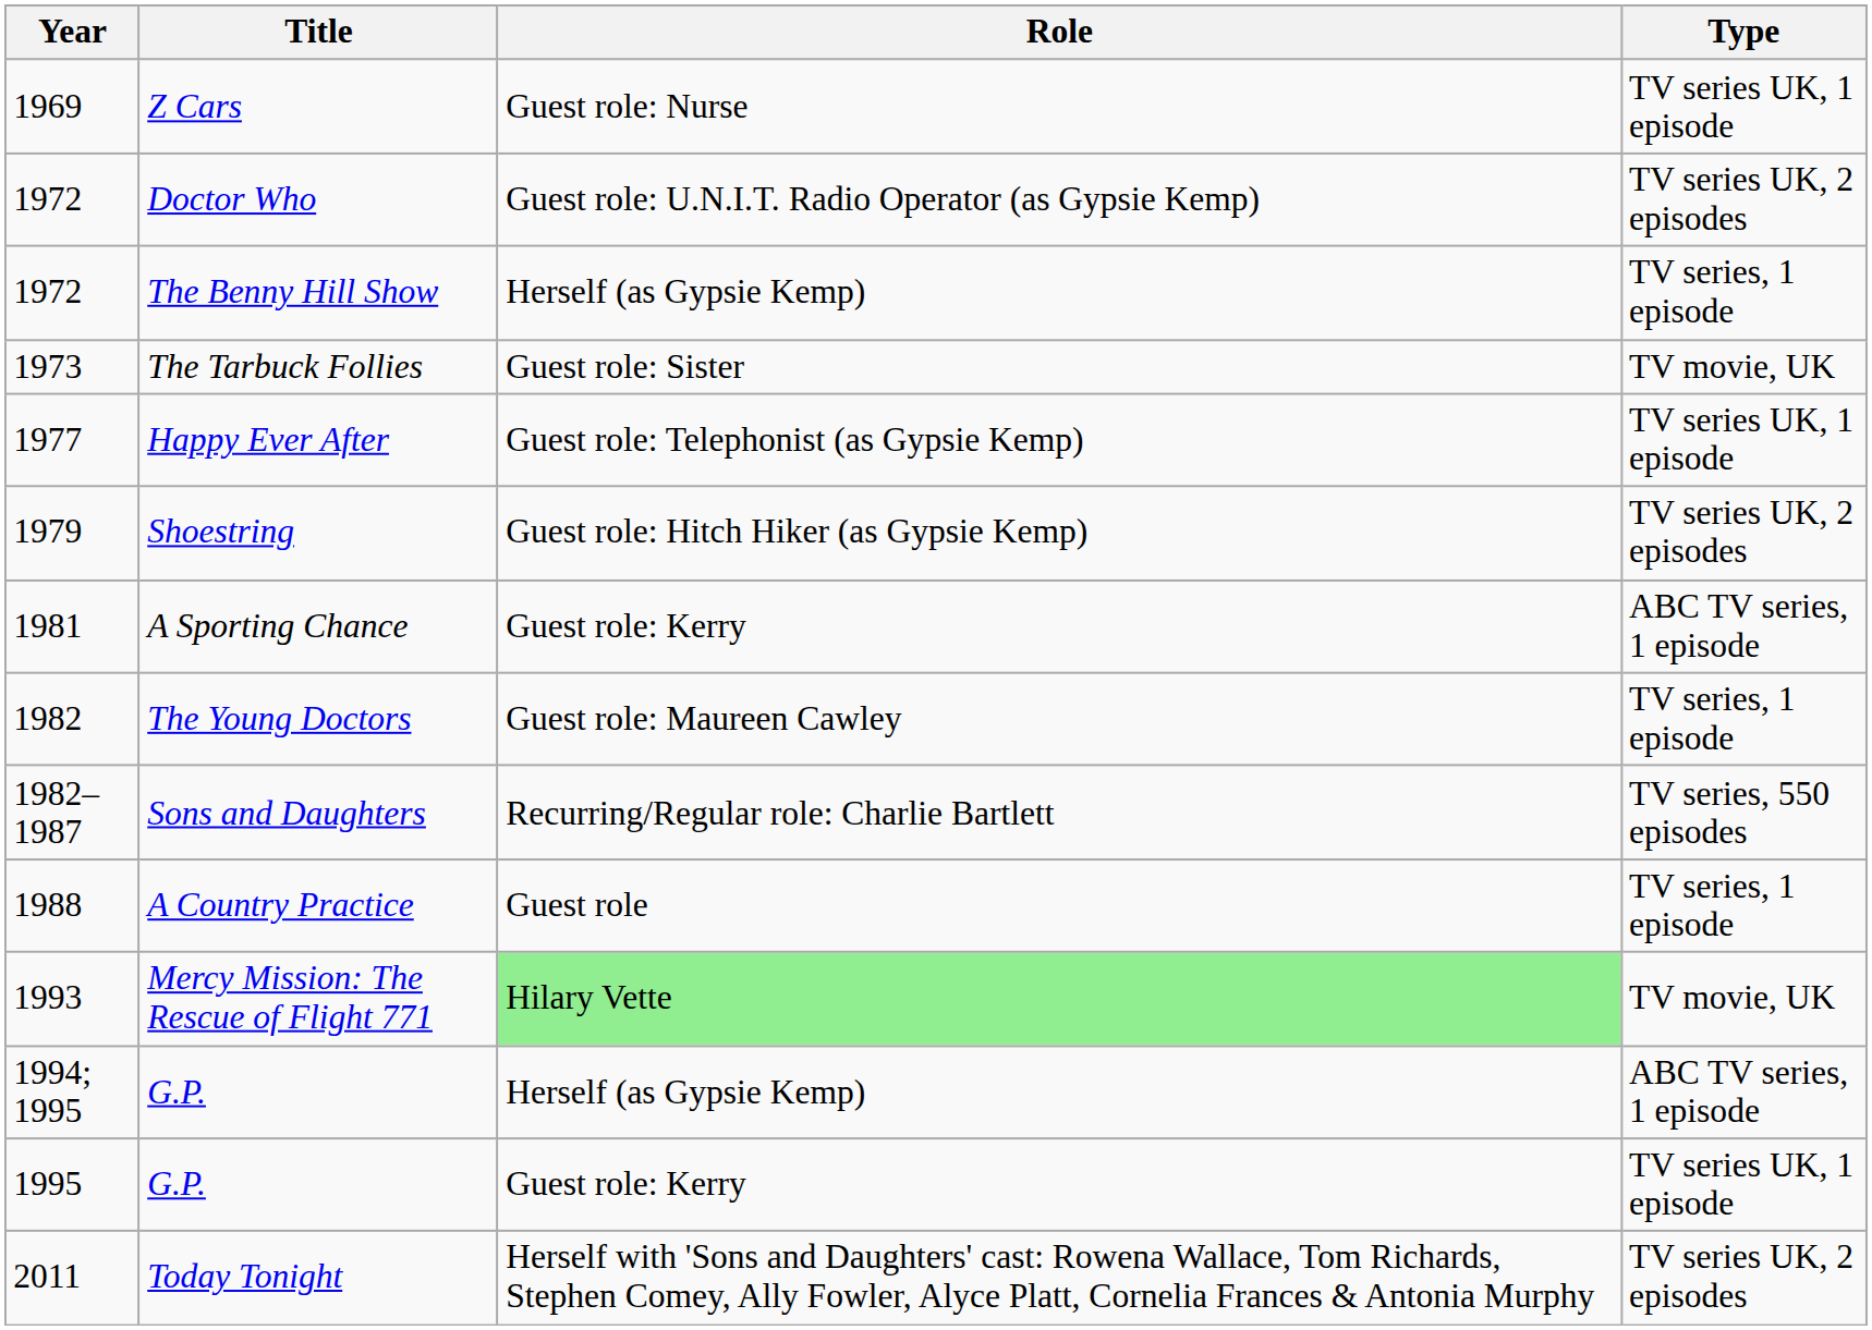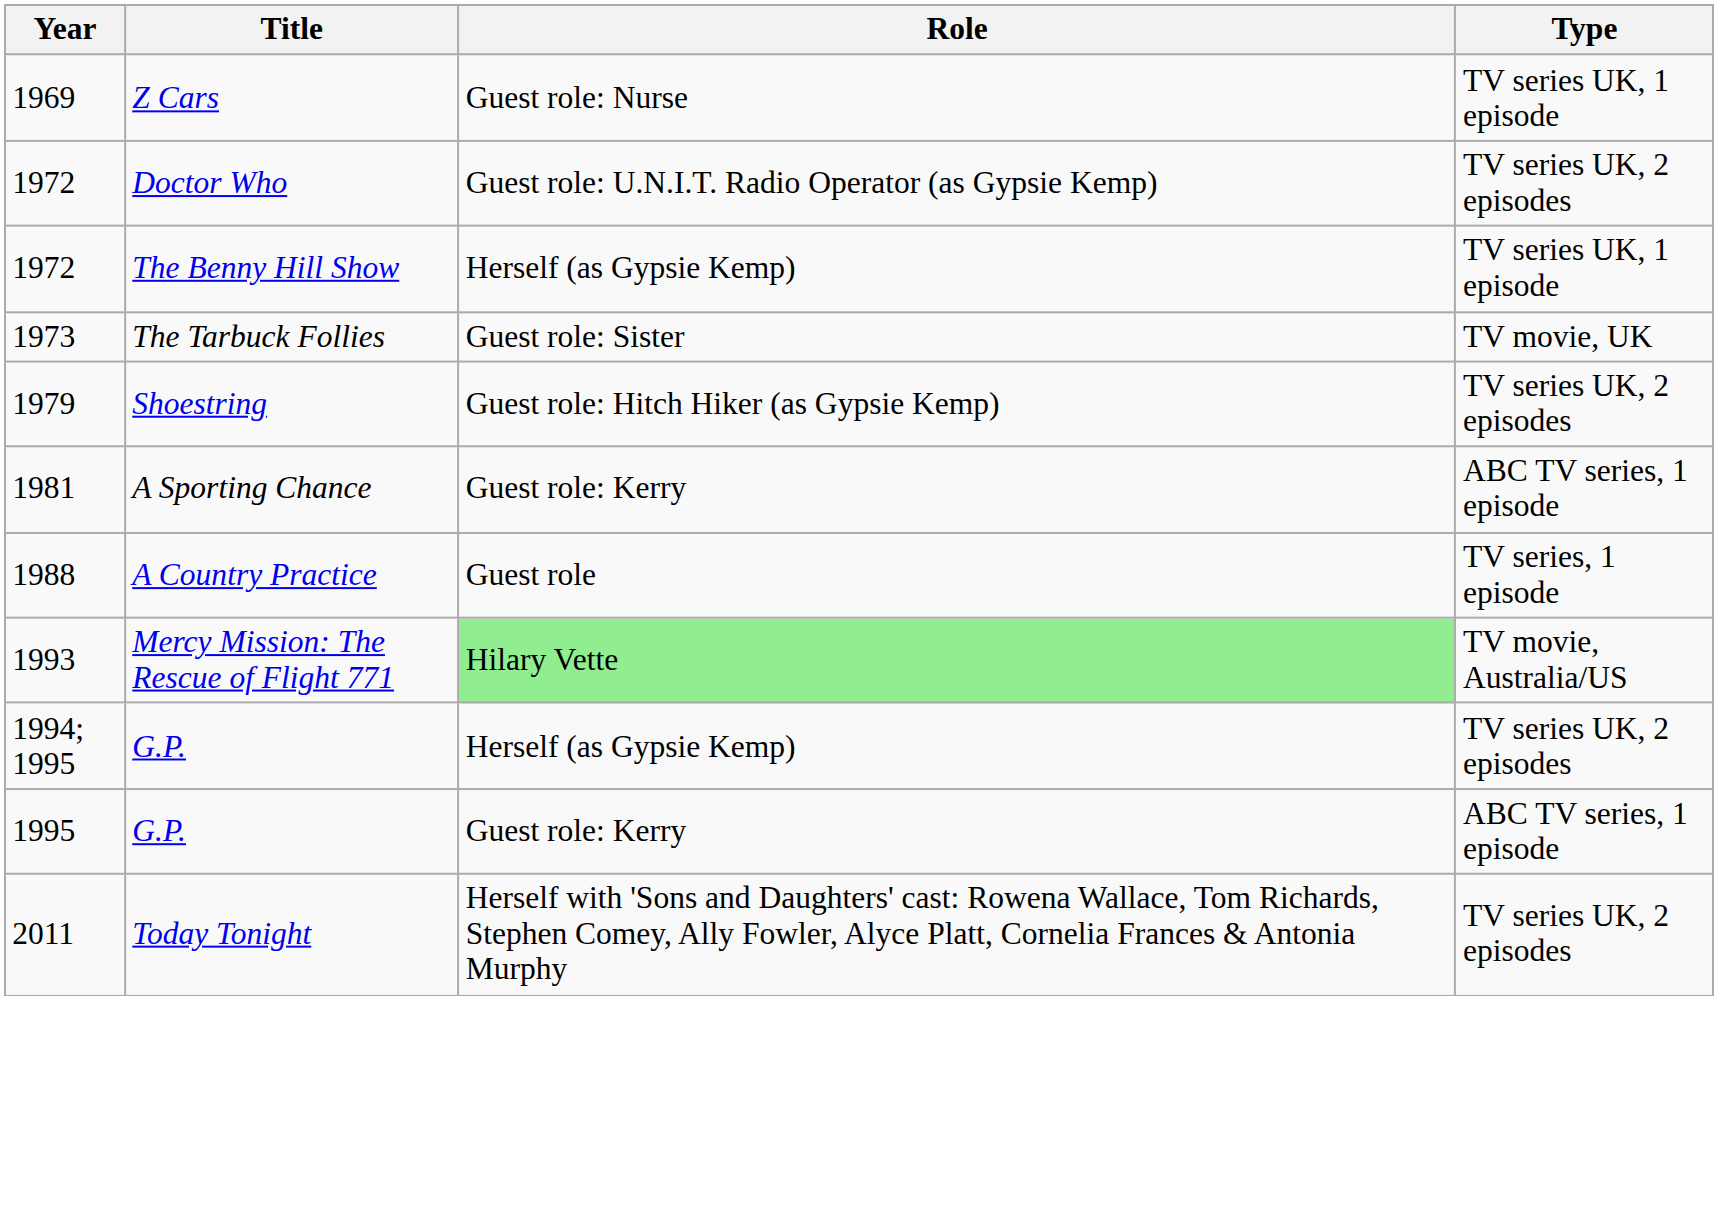 <table class="wikitable">
 <tr>
 <th>Year</th>
 <th>Title</th>
 <th>Role</th>
 <th>Type</th>
 </tr>
 <tr>
 <td>1969</td>
 <td><em><a href='#'>Z Cars</a></em></td>
 <td>Guest role: Nurse</td>
 <td>TV series UK, 1 episode</td>
 </tr>
 <tr>
 <td>1972</td>
 <td><em><a href='#'>Doctor Who</a></em></td>
 <td>Guest role: U.N.I.T. Radio Operator (as Gypsie Kemp)</td>
 <td>TV series UK, 2 episodes</td>
 </tr>
 <tr>
 <td>1972</td>
 <td><em><a href='#'>The Benny Hill Show</a></em></td>
 <td>Herself (as Gypsie Kemp)</td>
-<td>TV series, 1 episode</td>
+<td>TV series UK, 1 episode</td>
 </tr>
 <tr>
 <td>1973</td>
 <td><em>The Tarbuck Follies</em></td>
 <td>Guest role: Sister</td>
 <td>TV movie, UK</td>
-</tr>
-<tr>
-<td>1977</td>
-<td><em><a href='#'>Happy Ever After</a></em></td>
-<td>Guest role: Telephonist (as Gypsie Kemp)</td>
-<td>TV series UK, 1 episode</td>
 </tr>
 <tr>
 <td>1979</td>
 <td><em><a href='#'>Shoestring</a></em></td>
 <td>Guest role: Hitch Hiker (as Gypsie Kemp)</td>
 <td>TV series UK, 2 episodes</td>
 </tr>
 <tr>
 <td>1981</td>
 <td><em>A Sporting Chance</em></td>
 <td>Guest role: Kerry</td>
 <td>ABC TV series, 1 episode</td>
 </tr>
 <tr>
-<td>1982</td>
-<td><em><a href='#'>The Young Doctors</a></em></td>
-<td>Guest role: Maureen Cawley</td>
-<td>TV series, 1 episode</td>
-</tr>
-<tr>
-<td>1982–1987</td>
-<td><em><a href='#'>Sons and Daughters</a></em></td>
-<td>Recurring/Regular role: Charlie Bartlett</td>
-<td>TV series, 550 episodes</td>
-</tr>
-<tr>
 <td>1988</td>
 <td><em><a href='#'>A Country Practice</a></em></td>
 <td>Guest role</td>
 <td>TV series, 1 episode</td>
 </tr>
 <tr>
 <td>1993</td>
 <td><em><a href='#'>Mercy Mission: The Rescue of Flight 771</a></em></td>
 <td style="background: lightgreen;">Hilary Vette</td>
-<td>TV movie, UK</td>
+<td>TV movie, Australia/US</td>
 </tr>
 <tr>
 <td>1994; 1995</td>
 <td><em><a href='#'>G.P.</a></em></td>
 <td>Herself (as Gypsie Kemp)</td>
-<td>ABC TV series, 1 episode</td>
+<td>TV series UK, 2 episodes</td>
 </tr>
 <tr>
 <td>1995</td>
 <td><em><a href='#'>G.P.</a></em></td>
 <td>Guest role: Kerry</td>
-<td>TV series UK, 1 episode</td>
+<td>ABC TV series, 1 episode</td>
 </tr>
 <tr>
 <td>2011</td>
 <td><em><a href='#'>Today Tonight</a></em></td>
 <td>Herself with 'Sons and Daughters' cast: Rowena Wallace, Tom Richards, Stephen Comey, Ally Fowler, Alyce Platt, Cornelia Frances & Antonia Murphy</td>
 <td>TV series UK, 2 episodes</td>
 </tr>
 </table>
